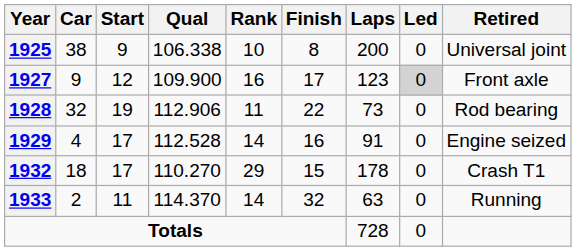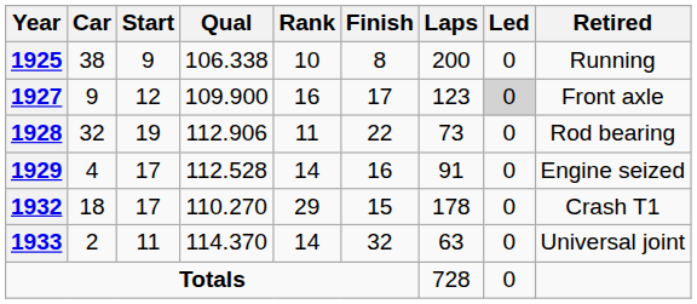 <table class="wikitable" style="text-align:center">
 <tr>
 <th>Year</th>
 <th>Car</th>
 <th>Start</th>
 <th>Qual</th>
 <th>Rank</th>
 <th>Finish</th>
 <th>Laps</th>
 <th>Led</th>
 <th>Retired</th>
 </tr>
 <tr>
 <th><a href='#'>1925</a></th>
 <td>38</td>
 <td>9</td>
 <td>106.338</td>
 <td>10</td>
 <td>8</td>
 <td>200</td>
 <td>0</td>
-<td>Universal joint</td>
+<td>Running</td>
 </tr>
 <tr>
 <th><a href='#'>1927</a></th>
 <td>9</td>
 <td>12</td>
 <td>109.900</td>
 <td>16</td>
 <td>17</td>
 <td>123</td>
 <td style="background: lightgrey;">0</td>
 <td>Front axle</td>
 </tr>
 <tr>
 <th><a href='#'>1928</a></th>
 <td>32</td>
 <td>19</td>
 <td>112.906</td>
 <td>11</td>
 <td>22</td>
 <td>73</td>
 <td>0</td>
 <td>Rod bearing</td>
 </tr>
 <tr>
 <th><a href='#'>1929</a></th>
 <td>4</td>
 <td>17</td>
 <td>112.528</td>
 <td>14</td>
 <td>16</td>
 <td>91</td>
 <td>0</td>
 <td>Engine seized</td>
 </tr>
 <tr>
 <th><a href='#'>1932</a></th>
 <td>18</td>
 <td>17</td>
 <td>110.270</td>
 <td>29</td>
 <td>15</td>
 <td>178</td>
 <td>0</td>
 <td>Crash T1</td>
 </tr>
 <tr>
 <th><a href='#'>1933</a></th>
 <td>2</td>
 <td>11</td>
 <td>114.370</td>
 <td>14</td>
 <td>32</td>
 <td>63</td>
 <td>0</td>
-<td>Running</td>
+<td>Universal joint</td>
 </tr>
 <tr>
 <td colspan=6><strong>Totals</strong></td>
 <td>728</td>
 <td>0</td>
 <td></td>
 </tr>
 </table>
